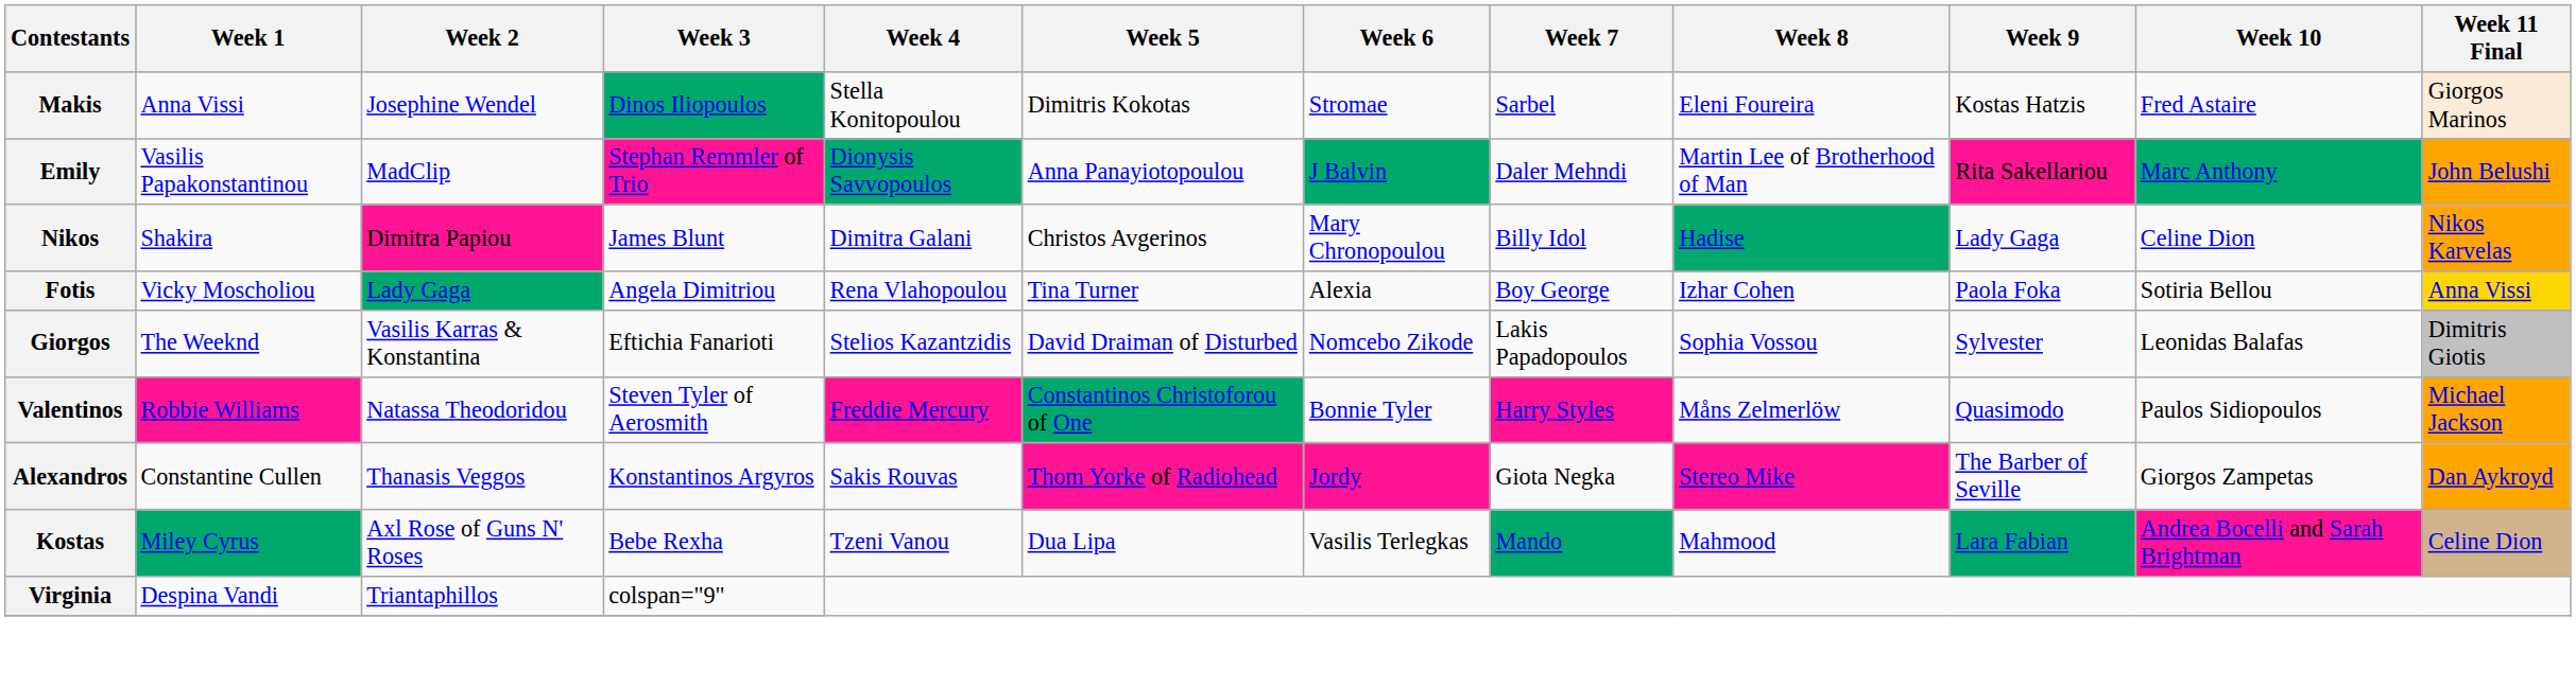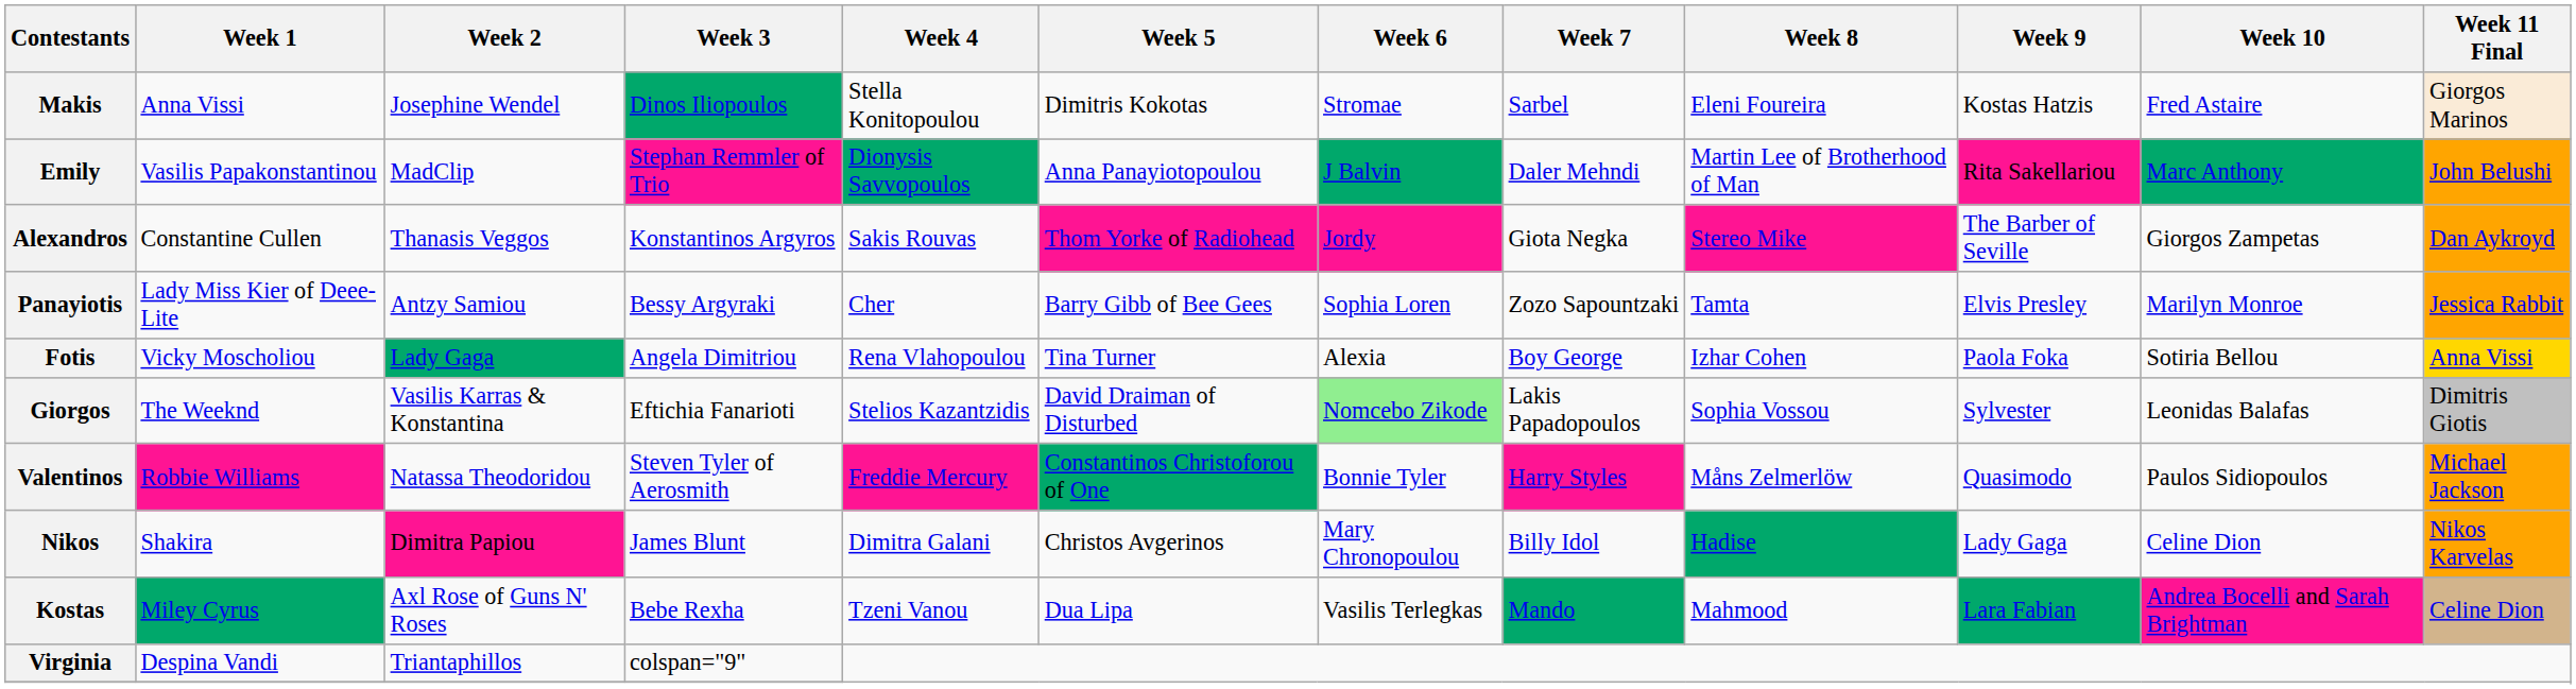 <table class="wikitable" style="font-size:90%">
 <tr>
 <th>Contestants</th>
 <th>Week 1</th>
 <th>Week 2</th>
 <th>Week 3</th>
 <th>Week 4</th>
 <th>Week 5</th>
 <th>Week 6</th>
 <th>Week 7</th>
 <th>Week 8</th>
 <th>Week 9</th>
 <th>Week 10</th>
 <th>Week 11<br>Final</th>
 </tr>
 <tr>
 <th>Makis</th>
 <td><a href='#'>Anna Vissi</a></td>
 <td><a href='#'>Josephine Wendel</a></td>
 <td bgcolor="#00A86B"><a href='#'>Dinos Iliopoulos</a></td>
 <td>Stella Konitopoulou</td>
 <td>Dimitris Kokotas</td>
 <td><a href='#'>Stromae</a></td>
 <td><a href='#'>Sarbel</a></td>
 <td><a href='#'>Eleni Foureira</a></td>
 <td>Kostas Hatzis</td>
 <td><a href='#'>Fred Astaire</a></td>
 <td bgcolor=antiquewhite>Giorgos Marinos</td>
 </tr>
 <tr>
 <th>Emily</th>
 <td><a href='#'>Vasilis Papakonstantinou</a></td>
 <td><a href='#'>MadClip</a></td>
 <td bgcolor="deeppink"><a href='#'>Stephan Remmler</a> of <a href='#'>Trio</a></td>
 <td bgcolor="#00A86B"><a href='#'>Dionysis Savvopoulos</a></td>
 <td><a href='#'>Anna Panayiotopoulou</a></td>
 <td bgcolor="#00A86B"><a href='#'>J Balvin</a></td>
 <td><a href='#'>Daler Mehndi</a></td>
 <td><a href='#'>Martin Lee</a> of <a href='#'>Brotherhood of Man</a></td>
 <td bgcolor="deeppink">Rita Sakellariou</td>
 <td bgcolor="#00A86B"><a href='#'>Marc Anthony</a></td>
 <td data-sort-value="5" bgcolor="orange"><a href='#'>John Belushi</a></td>
 </tr>
 <tr>
-<th>Nikos</th>
-<td><a href='#'>Shakira</a></td>
-<td bgcolor="deeppink">Dimitra Papiou</td>
-<td><a href='#'>James Blunt</a></td>
-<td><a href='#'>Dimitra Galani</a></td>
-<td>Christos Avgerinos</td>
-<td><a href='#'>Mary Chronopoulou</a></td>
-<td><a href='#'>Billy Idol</a></td>
-<td bgcolor="#00A86B"><a href='#'>Hadise</a></td>
-<td><a href='#'>Lady Gaga</a></td>
-<td><a href='#'>Celine Dion</a></td>
-<td data-sort-value="5" bgcolor="orange"><a href='#'>Nikos Karvelas</a></td>
+<th>Alexandros</th>
+<td>Constantine Cullen</td>
+<td><a href='#'>Thanasis Veggos</a></td>
+<td><a href='#'>Konstantinos Argyros</a></td>
+<td><a href='#'>Sakis Rouvas</a></td>
+<td bgcolor="deeppink"><a href='#'>Thom Yorke</a> of <a href='#'>Radiohead</a></td>
+<td bgcolor="deeppink"><a href='#'>Jordy</a></td>
+<td>Giota Negka</td>
+<td bgcolor="deeppink"><a href='#'>Stereo Mike</a></td>
+<td><a href='#'>The Barber of Seville</a></td>
+<td>Giorgos Zampetas</td>
+<td data-sort-value="5" bgcolor="orange"><a href='#'>Dan Aykroyd</a></td>
+</tr>
+<tr>
+<th>Panayiotis</th>
+<td><a href='#'>Lady Miss Kier</a> of <a href='#'>Deee-Lite</a></td>
+<td><a href='#'>Antzy Samiou</a></td>
+<td><a href='#'>Bessy Argyraki</a></td>
+<td><a href='#'>Cher</a></td>
+<td><a href='#'>Barry Gibb</a> of <a href='#'>Bee Gees</a></td>
+<td><a href='#'>Sophia Loren</a></td>
+<td>Zozo Sapountzaki</td>
+<td><a href='#'>Tamta</a></td>
+<td><a href='#'>Elvis Presley</a></td>
+<td><a href='#'>Marilyn Monroe</a></td>
+<td data-sort-value="5" bgcolor="orange"><a href='#'>Jessica Rabbit</a></td>
 </tr>
 <tr>
 <th>Fotis</th>
 <td><a href='#'>Vicky Moscholiou</a></td>
 <td bgcolor="#00A86B"><a href='#'>Lady Gaga</a></td>
 <td><a href='#'>Angela Dimitriou</a></td>
 <td><a href='#'>Rena Vlahopoulou</a></td>
 <td><a href='#'>Tina Turner</a></td>
 <td>Alexia</td>
 <td><a href='#'>Boy George</a></td>
 <td><a href='#'>Izhar Cohen</a></td>
 <td><a href='#'>Paola Foka</a></td>
 <td>Sotiria Bellou</td>
 <td bgcolor="#ffd700"><a href='#'>Anna Vissi</a></td>
 </tr>
 <tr>
 <th>Giorgos</th>
 <td><a href='#'>The Weeknd</a></td>
 <td><a href='#'>Vasilis Karras</a> & Konstantina</td>
 <td>Eftichia Fanarioti</td>
 <td><a href='#'>Stelios Kazantzidis</a></td>
 <td><a href='#'>David Draiman</a> of <a href='#'>Disturbed</a></td>
-<td><a href='#'>Nomcebo Zikode</a></td>
+<td style="background: lightgreen;"><a href='#'>Nomcebo Zikode</a></td>
 <td>Lakis Papadopoulos</td>
 <td><a href='#'>Sophia Vossou</a></td>
 <td><a href='#'>Sylvester</a></td>
 <td>Leonidas Balafas</td>
 <td bgcolor="#C0C0C0">Dimitris Giotis</td>
 </tr>
 <tr>
 <th>Valentinos</th>
 <td bgcolor="deeppink"><a href='#'>Robbie Williams</a></td>
 <td><a href='#'>Natassa Theodoridou</a></td>
 <td><a href='#'>Steven Tyler</a> of <a href='#'>Aerosmith</a></td>
 <td bgcolor="deeppink"><a href='#'>Freddie Mercury</a></td>
 <td bgcolor="#00A86B"><a href='#'>Constantinos Christoforou</a> of <a href='#'>One</a></td>
 <td><a href='#'>Bonnie Tyler</a></td>
 <td bgcolor="deeppink"><a href='#'>Harry Styles</a></td>
 <td><a href='#'>Måns Zelmerlöw</a></td>
 <td><a href='#'>Quasimodo</a></td>
 <td>Paulos Sidiopoulos</td>
 <td data-sort-value="5" bgcolor="orange"><a href='#'>Michael Jackson</a></td>
 </tr>
 <tr>
-<th>Alexandros</th>
-<td>Constantine Cullen</td>
-<td><a href='#'>Thanasis Veggos</a></td>
-<td><a href='#'>Konstantinos Argyros</a></td>
-<td><a href='#'>Sakis Rouvas</a></td>
-<td bgcolor="deeppink"><a href='#'>Thom Yorke</a> of <a href='#'>Radiohead</a></td>
-<td bgcolor="deeppink"><a href='#'>Jordy</a></td>
-<td>Giota Negka</td>
-<td bgcolor="deeppink"><a href='#'>Stereo Mike</a></td>
-<td><a href='#'>The Barber of Seville</a></td>
-<td>Giorgos Zampetas</td>
-<td data-sort-value="5" bgcolor="orange"><a href='#'>Dan Aykroyd</a></td>
+<th>Nikos</th>
+<td><a href='#'>Shakira</a></td>
+<td bgcolor="deeppink">Dimitra Papiou</td>
+<td><a href='#'>James Blunt</a></td>
+<td><a href='#'>Dimitra Galani</a></td>
+<td>Christos Avgerinos</td>
+<td><a href='#'>Mary Chronopoulou</a></td>
+<td><a href='#'>Billy Idol</a></td>
+<td bgcolor="#00A86B"><a href='#'>Hadise</a></td>
+<td><a href='#'>Lady Gaga</a></td>
+<td><a href='#'>Celine Dion</a></td>
+<td data-sort-value="5" bgcolor="orange"><a href='#'>Nikos Karvelas</a></td>
 </tr>
 <tr>
 <th>Kostas</th>
 <td bgcolor="#00A86B"><a href='#'>Miley Cyrus</a></td>
 <td><a href='#'>Axl Rose</a> of <a href='#'>Guns N' Roses</a></td>
 <td><a href='#'>Bebe Rexha</a></td>
 <td><a href='#'>Tzeni Vanou</a></td>
 <td><a href='#'>Dua Lipa</a></td>
 <td>Vasilis Terlegkas</td>
 <td bgcolor="#00A86B"><a href='#'>Mando</a></td>
 <td><a href='#'>Mahmood</a></td>
 <td bgcolor="#00A86B"><a href='#'>Lara Fabian</a></td>
 <td bgcolor="deeppink"><a href='#'>Andrea Bocelli</a> and <a href='#'>Sarah Brightman</a></td>
 <td bgcolor="#d2b48c"><a href='#'>Celine Dion</a></td>
 </tr>
 <tr>
 <th>Virginia</th>
 <td><a href='#'>Despina Vandi</a></td>
 <td><a href='#'>Triantaphillos</a></td>
 <td>colspan="9" </td>
 </tr>
 <tr>
 </tr>
 </table>
